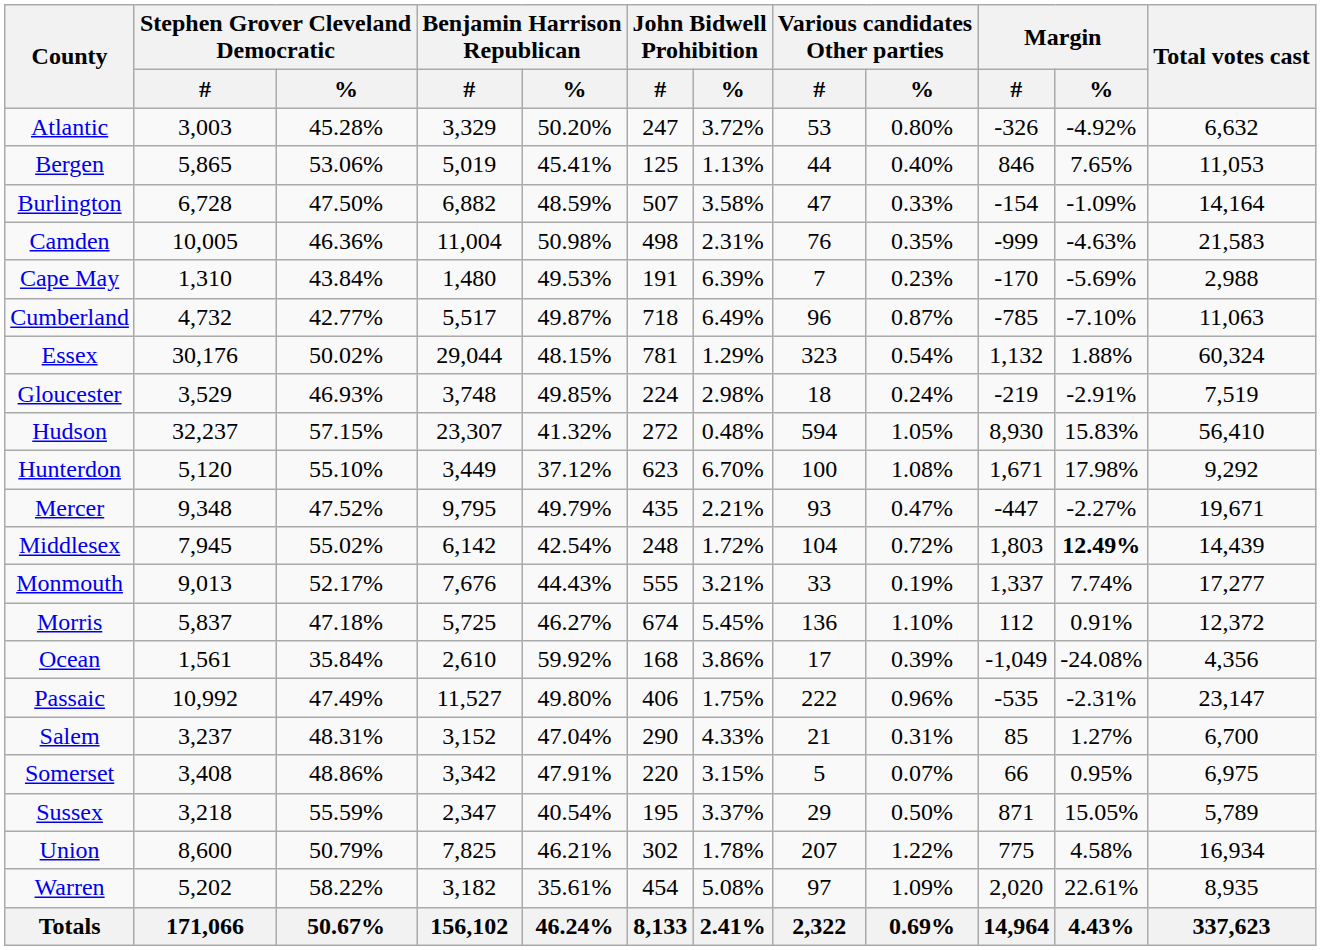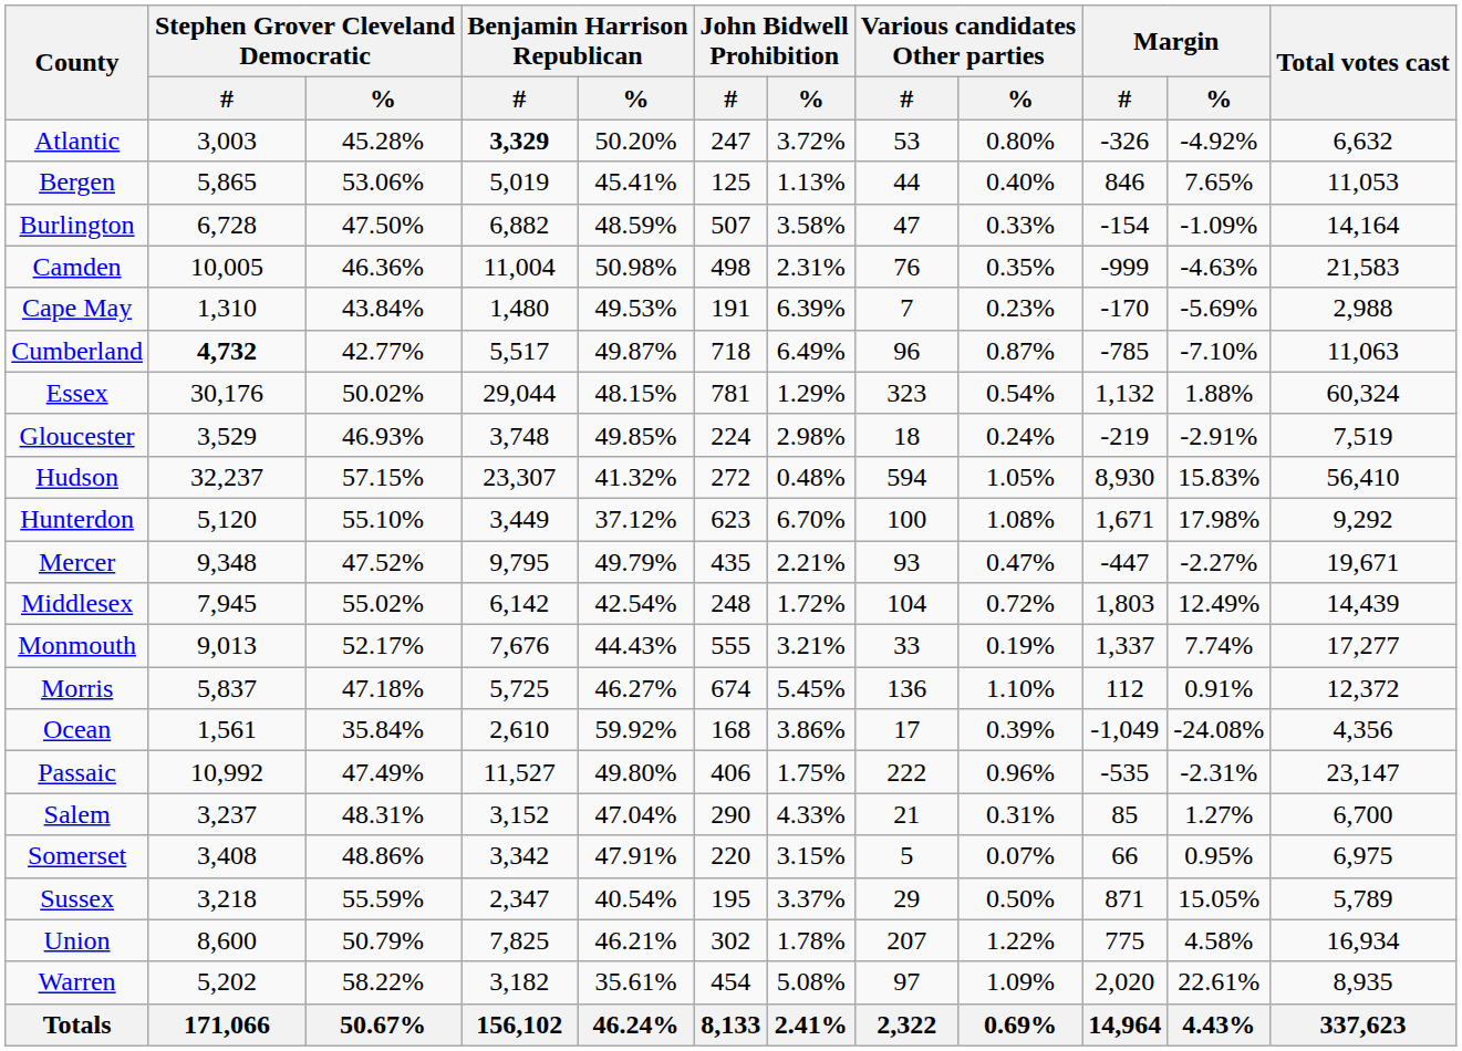 <table class="wikitable sortable" style="text-align:center">
 <tr>
 <th rowspan="2">County</th>
 <th colspan="2">Stephen Grover Cleveland<br>Democratic</th>
 <th colspan="2">Benjamin Harrison<br>Republican</th>
 <th colspan="2">John Bidwell<br>Prohibition</th>
 <th colspan="2">Various candidates<br>Other parties</th>
 <th colspan="2">Margin</th>
 <th rowspan="2" data-sort-type="number">Total votes cast </th>
 </tr>
 <tr>
 <th data-sort-type="number">#</th>
 <th data-sort-type="number">%</th>
 <th data-sort-type="number">#</th>
 <th data-sort-type="number">%</th>
 <th data-sort-type="number">#</th>
 <th data-sort-type="number">%</th>
 <th data-sort-type="number">#</th>
 <th data-sort-type="number">%</th>
 <th data-sort-type="number">#</th>
 <th data-sort-type="number">%</th>
 </tr>
 <tr style="text-align:center;">
 <td><a href='#'>Atlantic</a></td>
 <td>3,003</td>
 <td>45.28%</td>
-<td>3,329</td>
+<td><strong>3,329</strong></td>
 <td>50.20%</td>
 <td>247</td>
 <td>3.72%</td>
 <td>53</td>
 <td>0.80%</td>
 <td>-326</td>
 <td>-4.92%</td>
 <td>6,632</td>
 </tr>
 <tr style="text-align:center;">
 <td><a href='#'>Bergen</a></td>
 <td>5,865</td>
 <td>53.06%</td>
 <td>5,019</td>
 <td>45.41%</td>
 <td>125</td>
 <td>1.13%</td>
 <td>44</td>
 <td>0.40%</td>
 <td>846</td>
 <td>7.65%</td>
 <td>11,053</td>
 </tr>
 <tr style="text-align:center;">
 <td><a href='#'>Burlington</a></td>
 <td>6,728</td>
 <td>47.50%</td>
 <td>6,882</td>
 <td>48.59%</td>
 <td>507</td>
 <td>3.58%</td>
 <td>47</td>
 <td>0.33%</td>
 <td>-154</td>
 <td>-1.09%</td>
 <td>14,164</td>
 </tr>
 <tr style="text-align:center;">
 <td><a href='#'>Camden</a></td>
 <td>10,005</td>
 <td>46.36%</td>
 <td>11,004</td>
 <td>50.98%</td>
 <td>498</td>
 <td>2.31%</td>
 <td>76</td>
 <td>0.35%</td>
 <td>-999</td>
 <td>-4.63%</td>
 <td>21,583</td>
 </tr>
 <tr style="text-align:center;">
 <td><a href='#'>Cape May</a></td>
 <td>1,310</td>
 <td>43.84%</td>
 <td>1,480</td>
 <td>49.53%</td>
 <td>191</td>
 <td>6.39%</td>
 <td>7</td>
 <td>0.23%</td>
 <td>-170</td>
 <td>-5.69%</td>
 <td>2,988</td>
 </tr>
 <tr style="text-align:center;">
 <td><a href='#'>Cumberland</a></td>
-<td>4,732</td>
+<td><strong>4,732</strong></td>
 <td>42.77%</td>
 <td>5,517</td>
 <td>49.87%</td>
 <td>718</td>
 <td>6.49%</td>
 <td>96</td>
 <td>0.87%</td>
 <td>-785</td>
 <td>-7.10%</td>
 <td>11,063</td>
 </tr>
 <tr style="text-align:center;">
 <td><a href='#'>Essex</a></td>
 <td>30,176</td>
 <td>50.02%</td>
 <td>29,044</td>
 <td>48.15%</td>
 <td>781</td>
 <td>1.29%</td>
 <td>323</td>
 <td>0.54%</td>
 <td>1,132</td>
 <td>1.88%</td>
 <td>60,324</td>
 </tr>
 <tr style="text-align:center;">
 <td><a href='#'>Gloucester</a></td>
 <td>3,529</td>
 <td>46.93%</td>
 <td>3,748</td>
 <td>49.85%</td>
 <td>224</td>
 <td>2.98%</td>
 <td>18</td>
 <td>0.24%</td>
 <td>-219</td>
 <td>-2.91%</td>
 <td>7,519</td>
 </tr>
 <tr style="text-align:center;">
 <td><a href='#'>Hudson</a></td>
 <td>32,237</td>
 <td>57.15%</td>
 <td>23,307</td>
 <td>41.32%</td>
 <td>272</td>
 <td>0.48%</td>
 <td>594</td>
 <td>1.05%</td>
 <td>8,930</td>
 <td>15.83%</td>
 <td>56,410</td>
 </tr>
 <tr style="text-align:center;">
 <td><a href='#'>Hunterdon</a></td>
 <td>5,120</td>
 <td>55.10%</td>
 <td>3,449</td>
 <td>37.12%</td>
 <td>623</td>
 <td>6.70%</td>
 <td>100</td>
 <td>1.08%</td>
 <td>1,671</td>
 <td>17.98%</td>
 <td>9,292</td>
 </tr>
 <tr style="text-align:center;">
 <td><a href='#'>Mercer</a></td>
 <td>9,348</td>
 <td>47.52%</td>
 <td>9,795</td>
 <td>49.79%</td>
 <td>435</td>
 <td>2.21%</td>
 <td>93</td>
 <td>0.47%</td>
 <td>-447</td>
 <td>-2.27%</td>
 <td>19,671</td>
 </tr>
 <tr style="text-align:center;">
 <td><a href='#'>Middlesex</a></td>
 <td>7,945</td>
 <td>55.02%</td>
 <td>6,142</td>
 <td>42.54%</td>
 <td>248</td>
 <td>1.72%</td>
 <td>104</td>
 <td>0.72%</td>
 <td>1,803</td>
-<td><strong>12.49%</strong></td>
+<td>12.49%</td>
 <td>14,439</td>
 </tr>
 <tr style="text-align:center;">
 <td><a href='#'>Monmouth</a></td>
 <td>9,013</td>
 <td>52.17%</td>
 <td>7,676</td>
 <td>44.43%</td>
 <td>555</td>
 <td>3.21%</td>
 <td>33</td>
 <td>0.19%</td>
 <td>1,337</td>
 <td>7.74%</td>
 <td>17,277</td>
 </tr>
 <tr style="text-align:center;">
 <td><a href='#'>Morris</a></td>
 <td>5,837</td>
 <td>47.18%</td>
 <td>5,725</td>
 <td>46.27%</td>
 <td>674</td>
 <td>5.45%</td>
 <td>136</td>
 <td>1.10%</td>
 <td>112</td>
 <td>0.91%</td>
 <td>12,372</td>
 </tr>
 <tr style="text-align:center;">
 <td><a href='#'>Ocean</a></td>
 <td>1,561</td>
 <td>35.84%</td>
 <td>2,610</td>
 <td>59.92%</td>
 <td>168</td>
 <td>3.86%</td>
 <td>17</td>
 <td>0.39%</td>
 <td>-1,049</td>
 <td>-24.08%</td>
 <td>4,356</td>
 </tr>
 <tr style="text-align:center;">
 <td><a href='#'>Passaic</a></td>
 <td>10,992</td>
 <td>47.49%</td>
 <td>11,527</td>
 <td>49.80%</td>
 <td>406</td>
 <td>1.75%</td>
 <td>222</td>
 <td>0.96%</td>
 <td>-535</td>
 <td>-2.31%</td>
 <td>23,147</td>
 </tr>
 <tr style="text-align:center;">
 <td><a href='#'>Salem</a></td>
 <td>3,237</td>
 <td>48.31%</td>
 <td>3,152</td>
 <td>47.04%</td>
 <td>290</td>
 <td>4.33%</td>
 <td>21</td>
 <td>0.31%</td>
 <td>85</td>
 <td>1.27%</td>
 <td>6,700</td>
 </tr>
 <tr style="text-align:center;">
 <td><a href='#'>Somerset</a></td>
 <td>3,408</td>
 <td>48.86%</td>
 <td>3,342</td>
 <td>47.91%</td>
 <td>220</td>
 <td>3.15%</td>
 <td>5</td>
 <td>0.07%</td>
 <td>66</td>
 <td>0.95%</td>
 <td>6,975</td>
 </tr>
 <tr style="text-align:center;">
 <td><a href='#'>Sussex</a></td>
 <td>3,218</td>
 <td>55.59%</td>
 <td>2,347</td>
 <td>40.54%</td>
 <td>195</td>
 <td>3.37%</td>
 <td>29</td>
 <td>0.50%</td>
 <td>871</td>
 <td>15.05%</td>
 <td>5,789</td>
 </tr>
 <tr style="text-align:center;">
 <td><a href='#'>Union</a></td>
 <td>8,600</td>
 <td>50.79%</td>
 <td>7,825</td>
 <td>46.21%</td>
 <td>302</td>
 <td>1.78%</td>
 <td>207</td>
 <td>1.22%</td>
 <td>775</td>
 <td>4.58%</td>
 <td>16,934</td>
 </tr>
 <tr style="text-align:center;">
 <td><a href='#'>Warren</a></td>
 <td>5,202</td>
 <td>58.22%</td>
 <td>3,182</td>
 <td>35.61%</td>
 <td>454</td>
 <td>5.08%</td>
 <td>97</td>
 <td>1.09%</td>
 <td>2,020</td>
 <td>22.61%</td>
 <td>8,935</td>
 </tr>
 <tr>
 <th>Totals</th>
 <th>171,066</th>
 <th>50.67%</th>
 <th>156,102</th>
 <th>46.24%</th>
 <th>8,133</th>
 <th>2.41%</th>
 <th>2,322</th>
 <th>0.69%</th>
 <th>14,964</th>
 <th>4.43%</th>
 <th>337,623</th>
 </tr>
 </table>
